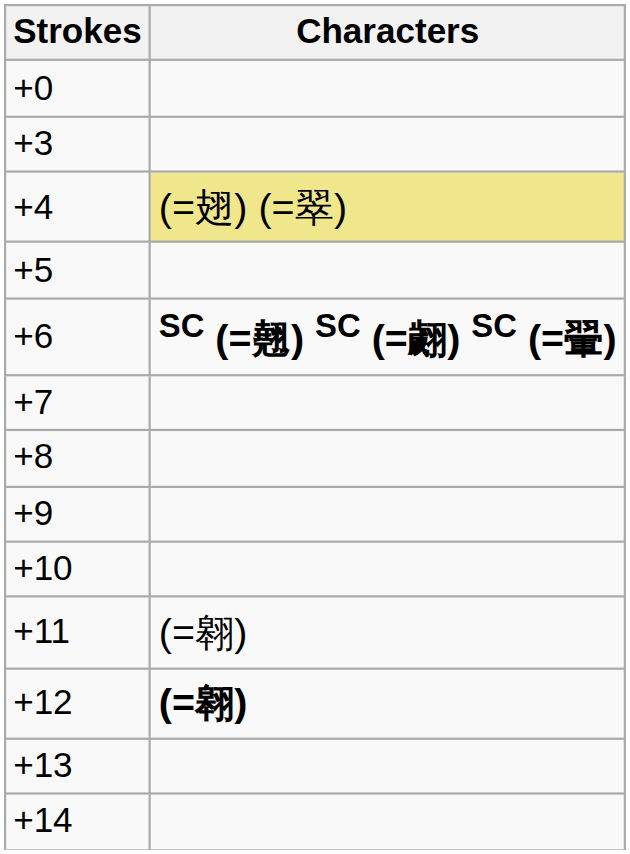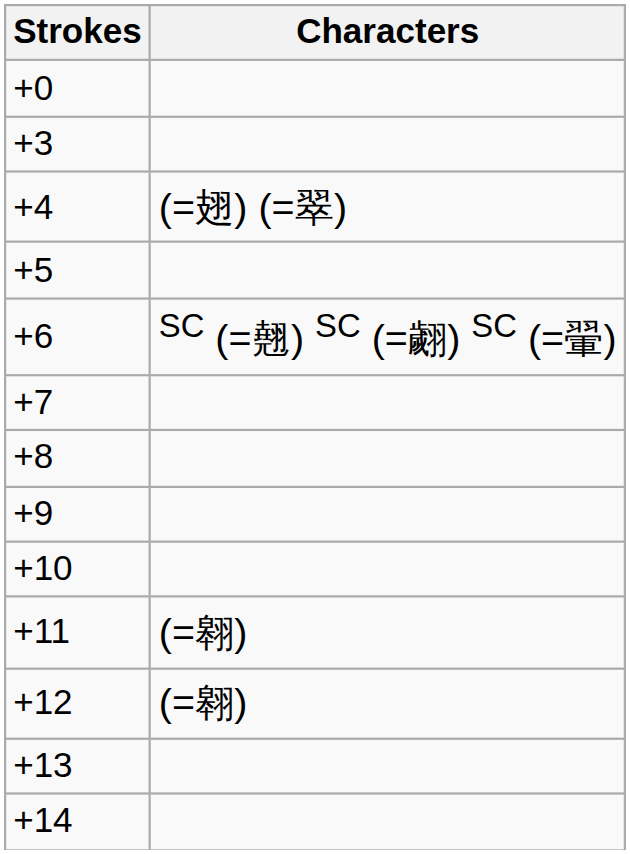 <table class="wikitable">
 <tr>
 <th>Strokes</th>
 <th>Characters</th>
 </tr>
 <tr>
 <td>+0</td>
 <td style="font-size: large;"></td>
 </tr>
 <tr>
 <td>+3</td>
 <td style="font-size: large;"> </td>
 </tr>
 <tr>
 <td>+4</td>
-<td style="background: khaki; font-size: large;">     (=翅)   (=翠)</td>
+<td style="font-size: large;">     (=翅)   (=翠)</td>
 </tr>
 <tr>
 <td>+5</td>
 <td style="font-size: large;">           </td>
 </tr>
 <tr>
 <td>+6</td>
-<td style="font-size: large;"><strong>     <sup>SC</sup> (=翹) <sup>SC</sup> (=翽) <sup>SC</sup> (=翬)</strong></td>
+<td style="font-size: large;">     <sup>SC</sup> (=翹) <sup>SC</sup> (=翽) <sup>SC</sup> (=翬)</td>
 </tr>
 <tr>
 <td>+7</td>
 <td style="font-size: large;">  </td>
 </tr>
 <tr>
 <td>+8</td>
 <td style="font-size: large;">      </td>
 </tr>
 <tr>
 <td>+9</td>
 <td style="font-size: large;">        </td>
 </tr>
 <tr>
 <td>+10</td>
 <td style="font-size: large;">   </td>
 </tr>
 <tr>
 <td>+11</td>
 <td style="font-size: large;">     (=翱) </td>
 </tr>
 <tr>
 <td>+12</td>
-<td style="font-size: large;"><strong>    (=翱) </strong></td>
+<td style="font-size: large;">    (=翱) </td>
 </tr>
 <tr>
 <td>+13</td>
 <td style="font-size: large;"> </td>
 </tr>
 <tr>
 <td>+14</td>
 <td style="font-size: large;"> </td>
 </tr>
 </table>
